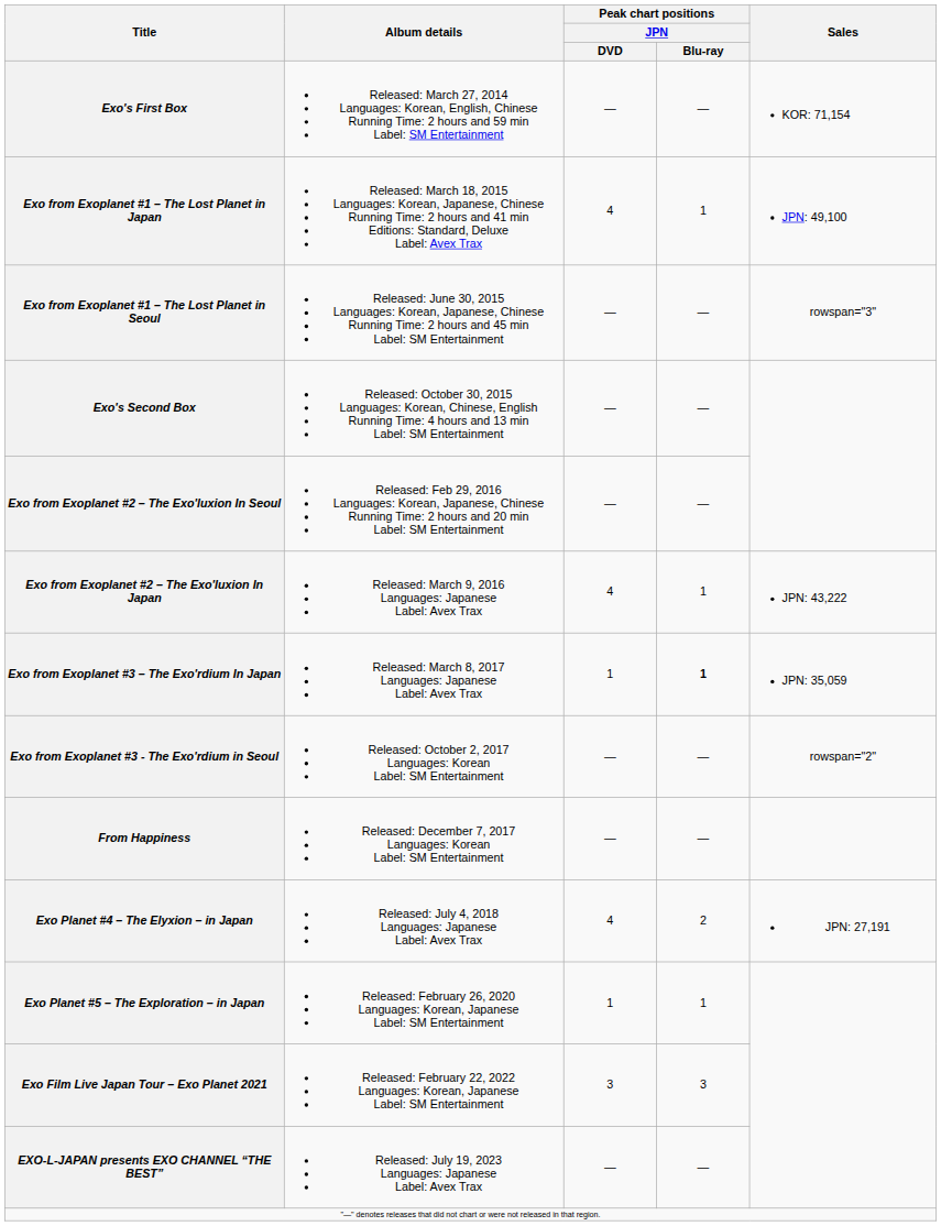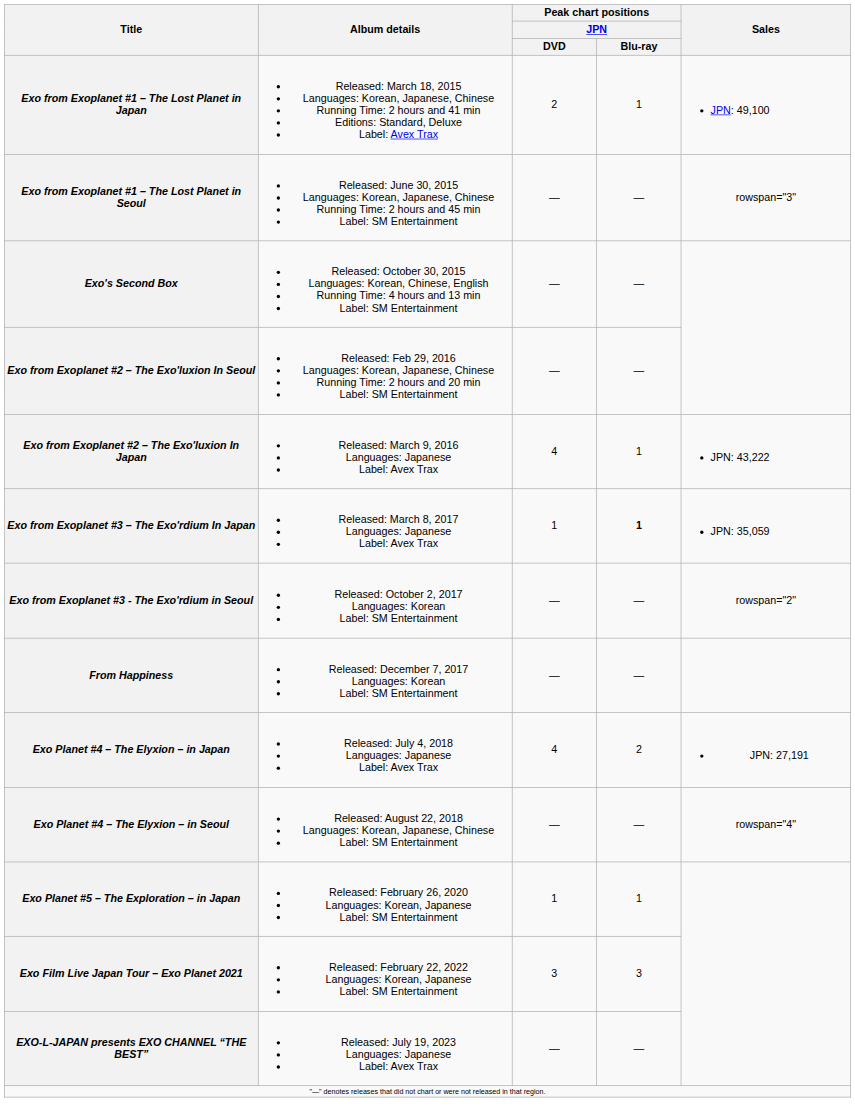 <table class="wikitable sortable plainrowheaders" style="text-align:center; width:100%">
 <tr>
 <th scope="col" rowspan="3" style="width:30%">Title</th>
 <th scope="col" rowspan="3" style="width:30%">Album details</th>
 <th scope="col" colspan="2" style="width:20%">Peak chart positions</th>
 <th scope="col" rowspan="3" style="width:20%">Sales</th>
 </tr>
 <tr>
 <th scope="col" colspan="2"><a href='#'>JPN</a></th>
 </tr>
 <tr>
 <th scope="col" style="width:3.5em;">DVD</th>
 <th scope="col" style="width:3.5em;">Blu-ray</th>
 </tr>
 <tr>
-<th scope="row"><em>Exo's First Box</em></th>
-<td><br><ul><li>Released: March 27, 2014</li><li>Languages: Korean, English, Chinese</li><li>Running Time: 2 hours and 59 min</li><li>Label: <a href='#'>SM Entertainment</a></li></ul></td>
-<td>—</td>
-<td>—</td>
-<td style="text-align:left;"><br><ul><li>KOR: 71,154</li></ul></td>
-</tr>
-<tr>
 <th scope="row"><em>Exo from Exoplanet #1 – The Lost Planet in Japan</em></th>
 <td><br><ul><li>Released: March 18, 2015</li><li>Languages: Korean, Japanese, Chinese</li><li>Running Time: 2 hours and 41 min</li><li>Editions: Standard, Deluxe</li><li>Label: <a href='#'>Avex Trax</a></li></ul></td>
-<td>4</td>
+<td>2</td>
 <td>1</td>
 <td style="text-align:left;"><br><ul><li><a href='#'>JPN</a>: 49,100</li></ul></td>
 </tr>
 <tr>
 <th scope="row"><em>Exo from Exoplanet #1 – The Lost Planet in Seoul</em></th>
 <td><br><ul><li>Released: June 30, 2015</li><li>Languages: Korean, Japanese, Chinese</li><li>Running Time: 2 hours and 45 min</li><li>Label: SM Entertainment</li></ul></td>
 <td>—</td>
 <td>—</td>
 <td>rowspan="3" </td>
 </tr>
 <tr>
 <th scope="row"><em>Exo's Second Box</em></th>
 <td><br><ul><li>Released: October 30, 2015</li><li>Languages: Korean, Chinese, English</li><li>Running Time: 4 hours and 13 min</li><li>Label: SM Entertainment</li></ul></td>
 <td>—</td>
 <td>—</td>
 </tr>
 <tr>
 <th scope="row"><em>Exo from Exoplanet #2 – The Exo'luxion In Seoul</em></th>
 <td><br><ul><li>Released: Feb 29, 2016</li><li>Languages: Korean, Japanese, Chinese</li><li>Running Time: 2 hours and 20 min</li><li>Label: SM Entertainment</li></ul></td>
 <td>—</td>
 <td>—</td>
 </tr>
 <tr>
 <th scope="row"><em>Exo from Exoplanet #2 – The Exo'luxion In Japan</em></th>
 <td><br><ul><li>Released: March 9, 2016</li><li>Languages: Japanese</li><li>Label: Avex Trax</li></ul></td>
 <td>4</td>
 <td>1</td>
 <td style="text-align:left;"><br><ul><li>JPN: 43,222</li></ul></td>
 </tr>
 <tr>
 <th scope="row"><em>Exo from Exoplanet #3 – The Exo'rdium In Japan</em></th>
 <td><br><ul><li>Released: March 8, 2017</li><li>Languages: Japanese</li><li>Label: Avex Trax</li></ul></td>
 <td>1</td>
 <td><strong>1</strong></td>
 <td style="text-align:left;"><br><ul><li>JPN: 35,059</li></ul></td>
 </tr>
 <tr>
 <th scope="row"><em>Exo from Exoplanet #3 - The Exo'rdium in Seoul</em></th>
 <td><br><ul><li>Released: October 2, 2017</li><li>Languages: Korean</li><li>Label: SM Entertainment</li></ul></td>
 <td>—</td>
 <td>—</td>
 <td>rowspan="2" </td>
 </tr>
 <tr>
 <th scope="row"><em>From Happiness</em></th>
 <td><br><ul><li>Released: December 7, 2017</li><li>Languages: Korean</li><li>Label: SM Entertainment</li></ul></td>
 <td>—</td>
 <td>—</td>
 </tr>
 <tr>
 <th scope=row><em>Exo Planet #4 – The Elyxion – in Japan</em></th>
 <td><br><ul><li>Released: July 4, 2018</li><li>Languages: Japanese</li><li>Label: Avex Trax</li></ul></td>
 <td>4</td>
 <td>2</td>
 <td><br><ul><li>JPN: 27,191</li></ul></td>
 </tr>
 <tr>
+<th scope=row><em>Exo Planet #4 – The Elyxion – in Seoul</em></th>
+<td><br><ul><li>Released: August 22, 2018</li><li>Languages: Korean, Japanese, Chinese</li><li>Label: SM Entertainment</li></ul></td>
+<td>—</td>
+<td>—</td>
+<td>rowspan="4"  </td>
+</tr>
+<tr>
 <th scope="row"><em>Exo Planet #5 – The Exploration – in Japan</em></th>
 <td><br><ul><li>Released: February 26, 2020</li><li>Languages: Korean, Japanese</li><li>Label: SM Entertainment</li></ul></td>
 <td>1</td>
 <td>1</td>
 </tr>
 <tr>
 <th scope="row"><em>Exo Film Live Japan Tour – Exo Planet 2021</em></th>
 <td><br><ul><li>Released: February 22, 2022</li><li>Languages: Korean, Japanese</li><li>Label: SM Entertainment</li></ul></td>
 <td>3</td>
 <td>3</td>
 </tr>
 <tr>
 <th scope="row"><em>EXO-L-JAPAN presents EXO CHANNEL “THE BEST”</em></th>
 <td><br><ul><li>Released: July 19, 2023</li><li>Languages: Japanese</li><li>Label: Avex Trax</li></ul></td>
 <td>—</td>
 <td>—</td>
 </tr>
 <tr>
 <td colspan="5" style="font-size:8pt;">"—" denotes releases that did not chart or were not released in that region.<br></td>
 </tr>
 </table>
